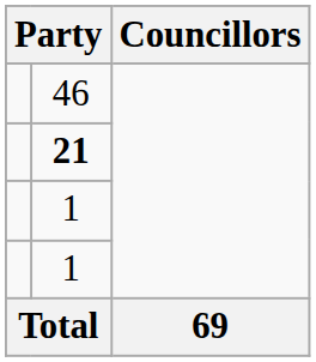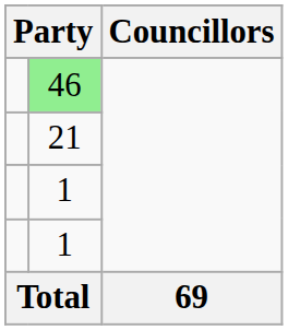 <table class="wikitable">
 <tr>
 <th colspan=2>Party</th>
 <th>Councillors</th>
 </tr>
 <tr>
 <td></td>
-<td align=center>46</td>
+<td align=center style="background: lightgreen;">46</td>
 </tr>
 <tr>
 <td></td>
-<td align=center><strong>21</strong></td>
+<td align=center>21</td>
 </tr>
 <tr>
 <td></td>
 <td align=center>1</td>
 </tr>
 <tr>
 <td></td>
 <td align=center>1</td>
 </tr>
 <tr>
 <th colspan=2>Total</th>
 <th align=center>69</th>
 </tr>
 </table>
